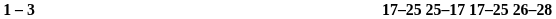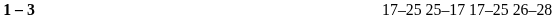 <table width=100% cellspacing=1>
 <tr>
 <th width=20%></th>
 <th width=12%></th>
 <th width=20%></th>
 <th width=33%></th>
 <td></td>
 </tr>
 <tr style=font-size:90%>
 <td align=right></td>
 <td align=center><strong>1 – 3</strong></td>
 <td><strong></strong></td>
-<td><strong>17–25 25–17 17–25 26–28</strong></td>
+<td>17–25 25–17 17–25 26–28</td>
 </tr>
 </table>
